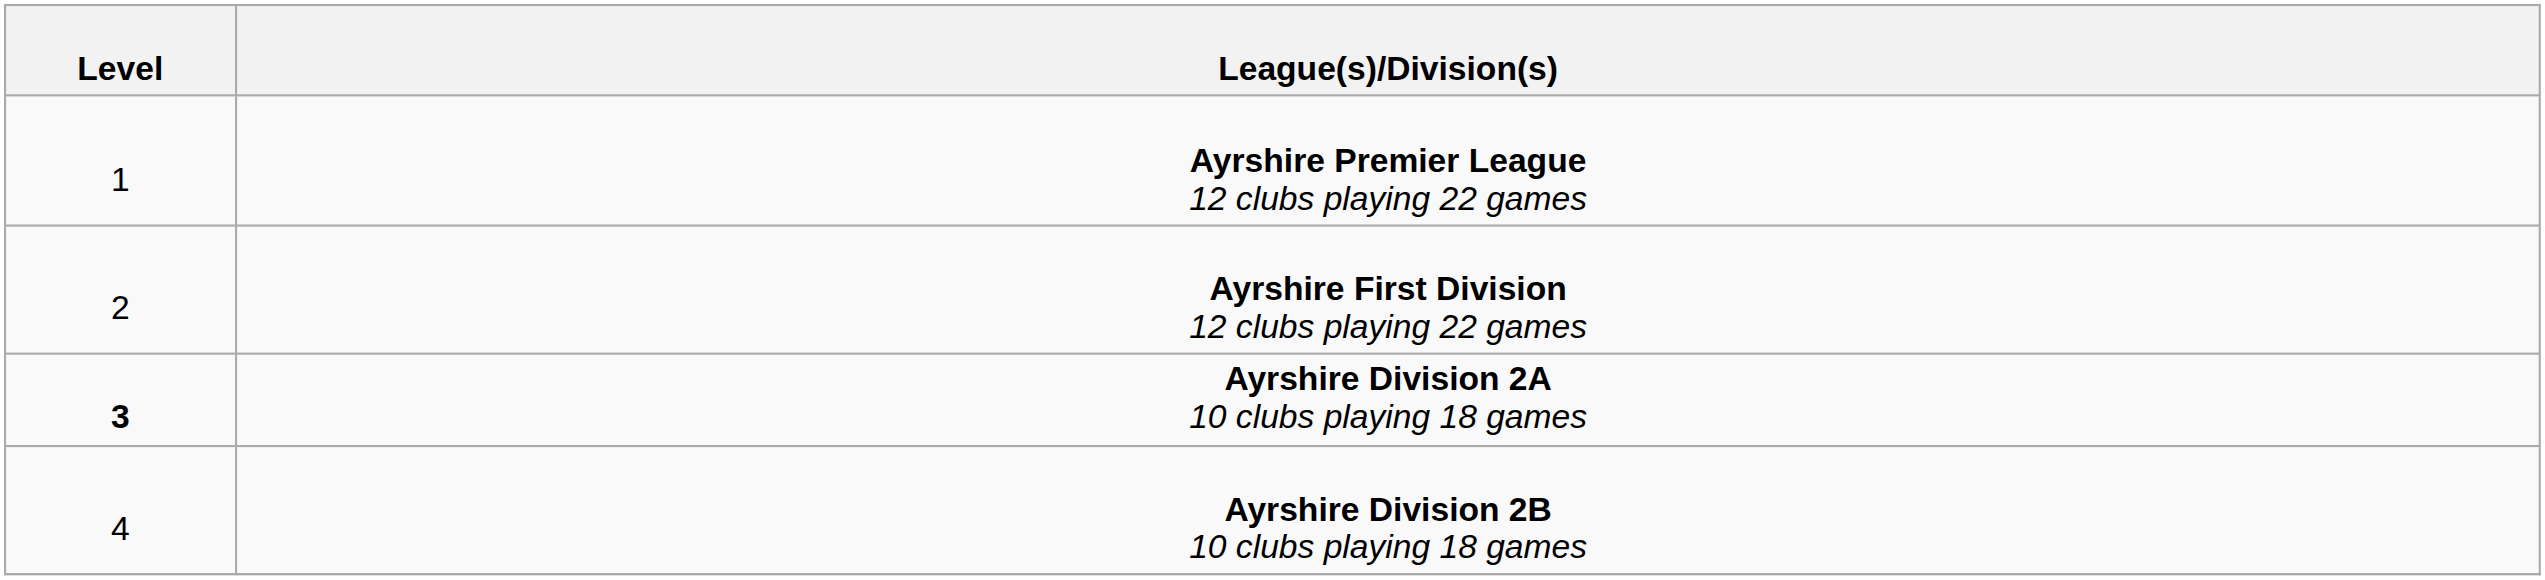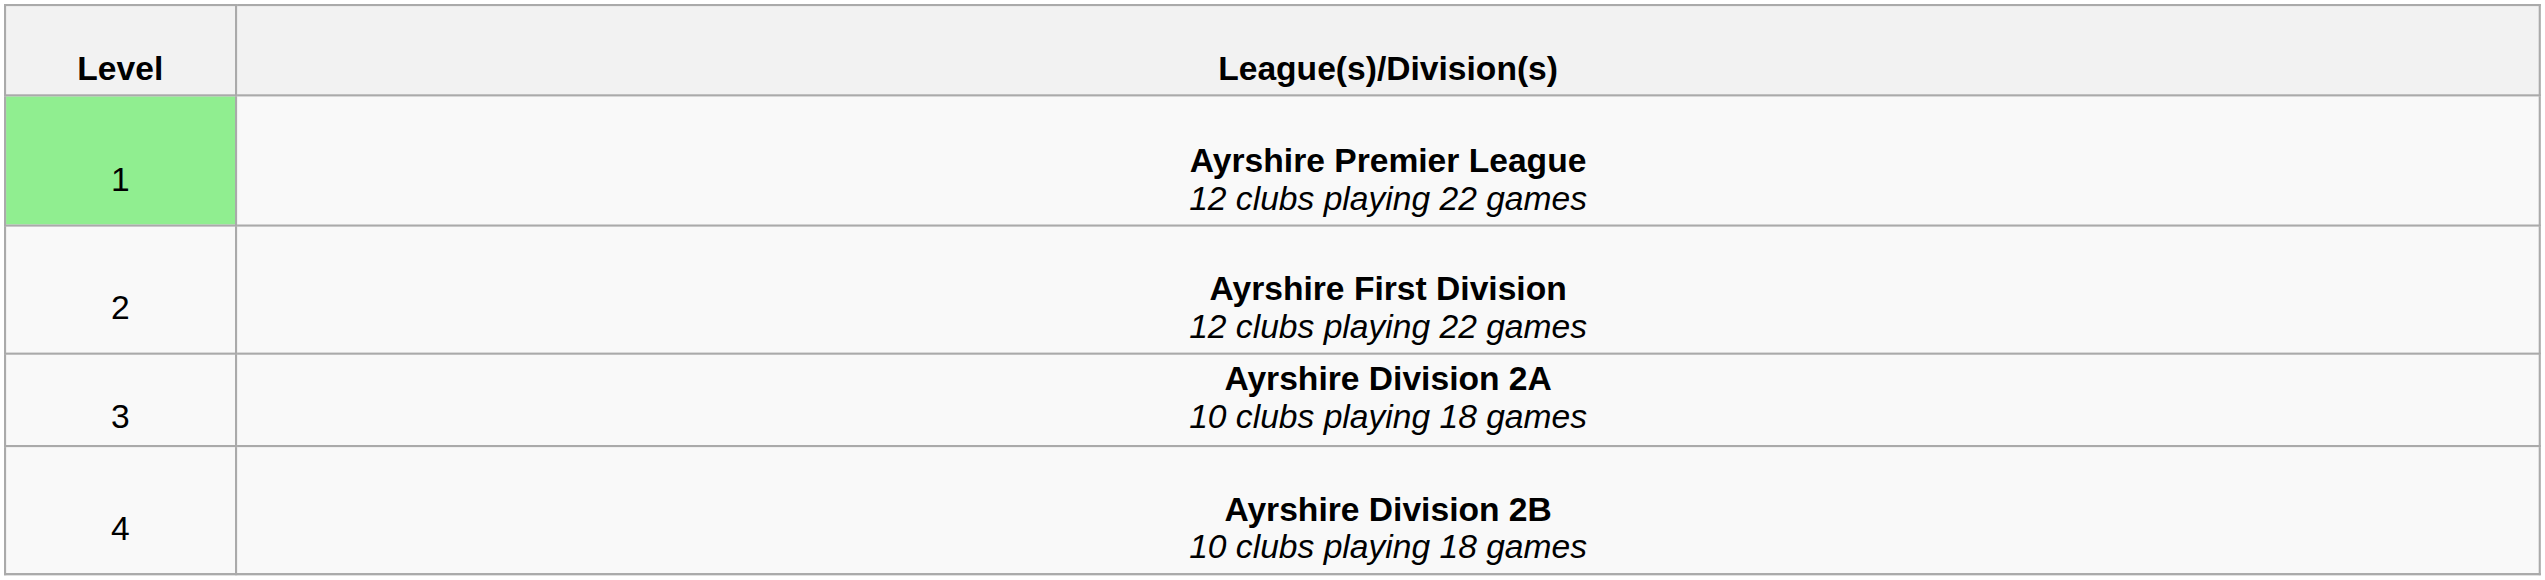 <table class="wikitable" style="text-align: center;">
 <tr>
 <th colspan="1" width="4%"><br>Level</th>
 <th colspan="3" width="40%"><br>League(s)/Division(s)</th>
 </tr>
 <tr>
-<td colspan="1" width="4%"><br>1</td>
+<td colspan="1" width="4%" style="background: lightgreen;"><br>1</td>
 <td colspan="4" width="40%"><br><strong>Ayrshire Premier League</strong><br> <em>12 clubs playing 22 games</em></td>
 </tr>
 <tr>
 <td colspan="1" width="4%"><br>2</td>
 <td colspan="3" width="40%"><br><strong>Ayrshire First Division</strong><br><em>12 clubs playing 22 games</em></td>
 </tr>
 <tr>
-<td colspan="1" width="4%"><strong><br>3</strong></td>
+<td colspan="1" width="4%"><br>3</td>
 <td colspan="3" width="40%"><strong>Ayrshire Division 2A</strong><br><em>10 clubs playing 18 games</em></td>
 </tr>
 <tr>
 <td colspan="1" width="4%"><br>4</td>
 <td colspan="3" width="40%"><br><strong>Ayrshire Division 2B</strong><br><em>10 clubs playing 18 games</em></td>
 </tr>
 <tr>
 </tr>
 </table>
